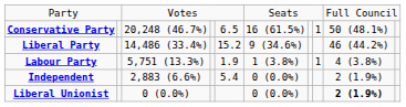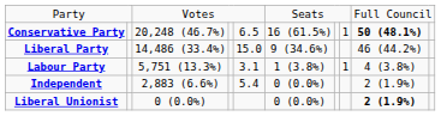 <table class=wikitable style="text-align:center;">
 <tr>
 <td colspan=2>Party</td>
 <td colspan=3>Votes</td>
 <td colspan=3>Seats</td>
 <td colspan=3>Full Council</td>
 </tr>
 <tr>
 <td><strong><a href='#'>Conservative Party</a></strong></td>
 <td style="background:"></td>
 <td>20,248 (46.7%)</td>
 <td></td>
 <td> 6.5</td>
 <td>16 (61.5%)</td>
 <td></td>
 <td> 1</td>
-<td>50 (48.1%)</td>
+<td><strong>50 (48.1%)</strong></td>
 <td></td>
 </tr>
 <tr>
 <td><strong><a href='#'>Liberal Party</a></strong></td>
 <td style="background:"></td>
 <td>14,486 (33.4%)</td>
 <td></td>
-<td> 15.2</td>
+<td> 15.0</td>
 <td>9 (34.6%)</td>
 <td></td>
 <td></td>
 <td>46 (44.2%)</td>
 <td></td>
 </tr>
 <tr>
 <td><strong><a href='#'>Labour Party</a></strong></td>
 <td style="background:"></td>
 <td>5,751 (13.3%)</td>
 <td></td>
-<td> 1.9</td>
+<td> 3.1</td>
 <td>1 (3.8%)</td>
 <td></td>
 <td> 1</td>
 <td>4 (3.8%)</td>
 <td></td>
 </tr>
 <tr>
 <td><strong><a href='#'>Independent</a></strong></td>
 <td style="background:"></td>
 <td>2,883 (6.6%)</td>
 <td></td>
 <td> 5.4</td>
 <td>0 (0.0%)</td>
 <td></td>
 <td></td>
 <td>2 (1.9%)</td>
 <td></td>
 </tr>
 <tr>
 <td><strong><a href='#'>Liberal Unionist</a></strong></td>
 <td style="background:"></td>
 <td>0 (0.0%)</td>
 <td></td>
 <td></td>
 <td>0 (0.0%)</td>
 <td></td>
 <td></td>
 <td><strong>2 (1.9%)</strong></td>
 <td></td>
 </tr>
 </table>
